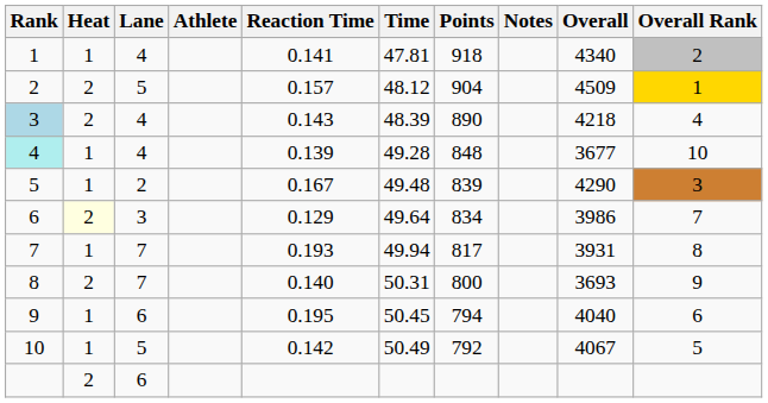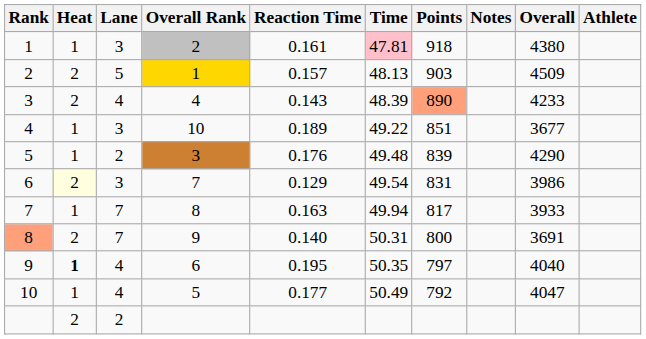 <table class="wikitable sortable" style="text-align:center">
 <tr>
 <th>Rank</th>
 <th>Heat</th>
 <th>Lane</th>
-<th>Athlete</th>
+<th>Overall Rank</th>
 <th>Reaction Time</th>
 <th>Time</th>
 <th>Points</th>
 <th>Notes</th>
 <th>Overall</th>
-<th>Overall Rank</th>
+<th>Athlete</th>
 </tr>
 <tr>
 <td>1</td>
 <td>1</td>
-<td>4</td>
-<td align="left"></td>
-<td>0.141</td>
-<td>47.81</td>
+<td>3</td>
+<td style="background-color:#c0c0c0">2</td>
+<td>0.161</td>
+<td style="background: pink;">47.81</td>
 <td>918</td>
 <td></td>
-<td>4340</td>
-<td style="background-color:#c0c0c0">2</td>
+<td>4380</td>
+<td align="left"></td>
 </tr>
 <tr>
 <td>2</td>
 <td>2</td>
 <td>5</td>
-<td align="left"></td>
+<td style="background-color:#ffd700">1</td>
 <td>0.157</td>
-<td>48.12</td>
-<td>904</td>
+<td>48.13</td>
+<td>903</td>
 <td></td>
 <td>4509</td>
-<td style="background-color:#ffd700">1</td>
+<td align="left"></td>
 </tr>
 <tr>
-<td style="background: lightblue;">3</td>
+<td>3</td>
 <td>2</td>
 <td>4</td>
-<td align="left"></td>
+<td>4</td>
 <td>0.143</td>
 <td>48.39</td>
-<td>890</td>
+<td style="background: lightsalmon;">890</td>
 <td></td>
-<td>4218</td>
-<td>4</td>
+<td>4233</td>
+<td align="left"></td>
 </tr>
 <tr>
-<td style="background: paleturquoise;">4</td>
+<td>4</td>
 <td>1</td>
-<td>4</td>
-<td align="left"></td>
-<td>0.139</td>
-<td>49.28</td>
-<td>848</td>
+<td>3</td>
+<td>10</td>
+<td>0.189</td>
+<td>49.22</td>
+<td>851</td>
 <td></td>
 <td>3677</td>
-<td>10</td>
+<td align="left"></td>
 </tr>
 <tr>
 <td>5</td>
 <td>1</td>
 <td>2</td>
-<td align="left"></td>
-<td>0.167</td>
+<td style="background-color:#cd7f32">3</td>
+<td>0.176</td>
 <td>49.48</td>
 <td>839</td>
 <td></td>
 <td>4290</td>
-<td style="background-color:#cd7f32">3</td>
+<td align="left"></td>
 </tr>
 <tr>
 <td>6</td>
 <td style="background: lightyellow;">2</td>
 <td>3</td>
-<td align="left"></td>
+<td>7</td>
 <td>0.129</td>
-<td>49.64</td>
-<td>834</td>
+<td>49.54</td>
+<td>831</td>
 <td></td>
 <td>3986</td>
-<td>7</td>
+<td align="left"></td>
 </tr>
 <tr>
 <td>7</td>
 <td>1</td>
 <td>7</td>
-<td align="left"></td>
-<td>0.193</td>
+<td>8</td>
+<td>0.163</td>
 <td>49.94</td>
 <td>817</td>
 <td></td>
-<td>3931</td>
-<td>8</td>
+<td>3933</td>
+<td align="left"></td>
 </tr>
 <tr>
-<td>8</td>
+<td style="background: lightsalmon;">8</td>
 <td>2</td>
 <td>7</td>
-<td align="left"></td>
+<td>9</td>
 <td>0.140</td>
 <td>50.31</td>
 <td>800</td>
 <td></td>
-<td>3693</td>
-<td>9</td>
+<td>3691</td>
+<td align="left"></td>
 </tr>
 <tr>
 <td>9</td>
-<td>1</td>
+<td><strong>1</strong></td>
+<td>4</td>
 <td>6</td>
-<td align="left"></td>
 <td>0.195</td>
-<td>50.45</td>
-<td>794</td>
+<td>50.35</td>
+<td>797</td>
 <td></td>
 <td>4040</td>
-<td>6</td>
+<td align="left"></td>
 </tr>
 <tr>
 <td>10</td>
 <td>1</td>
+<td>4</td>
 <td>5</td>
-<td align="left"></td>
-<td>0.142</td>
+<td>0.177</td>
 <td>50.49</td>
 <td>792</td>
 <td></td>
-<td>4067</td>
-<td>5</td>
+<td>4047</td>
+<td align="left"></td>
 </tr>
 <tr>
 <td></td>
 <td>2</td>
-<td>6</td>
-<td align="left"></td>
+<td>2</td>
 <td></td>
 <td></td>
 <td></td>
 <td></td>
 <td></td>
 <td></td>
+<td align="left"></td>
 </tr>
 </table>
